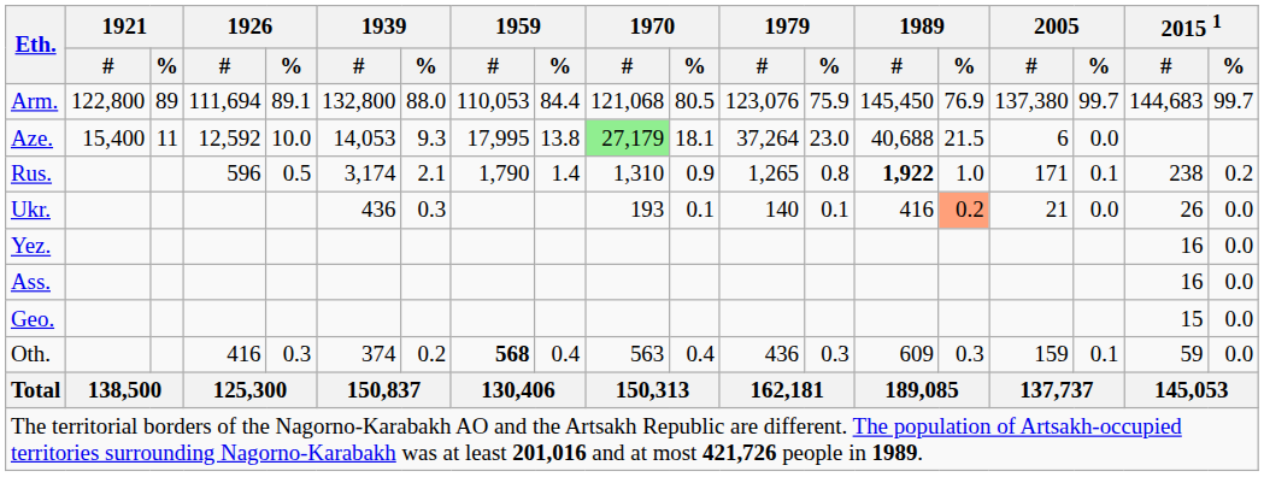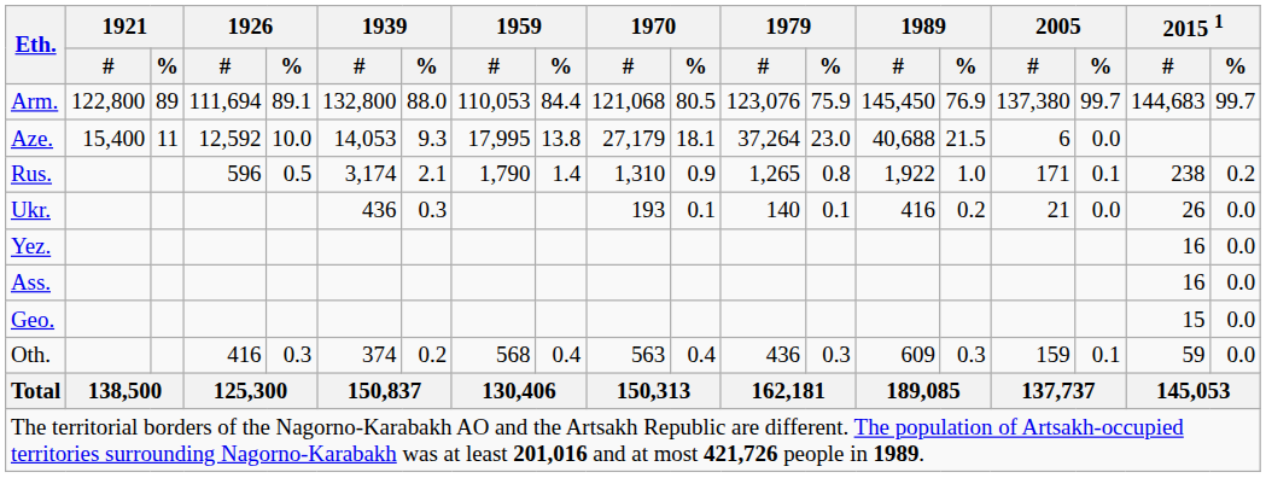 <table class="wikitable">
 <tr>
 <th rowspan="2"><a href='#'>Eth.</a></th>
 <th colspan="2">1921</th>
 <th colspan="2">1926</th>
 <th colspan="2">1939</th>
 <th colspan="2">1959</th>
 <th colspan="2">1970</th>
 <th colspan="2">1979</th>
 <th colspan="2">1989</th>
 <th colspan="2">2005</th>
 <th colspan="2">2015 <sup>1</sup></th>
 </tr>
 <tr bgcolor="#e0e0e0">
 <th>#</th>
 <th>%</th>
 <th>#</th>
 <th>%</th>
 <th>#</th>
 <th>%</th>
 <th>#</th>
 <th>%</th>
 <th>#</th>
 <th>%</th>
 <th>#</th>
 <th>%</th>
 <th>#</th>
 <th>%</th>
 <th>#</th>
 <th>%</th>
 <th>#</th>
 <th>%</th>
 </tr>
 <tr>
 <td><a href='#'>Arm.</a></td>
 <td align="right">122,800</td>
 <td align="right">89</td>
 <td align="right">111,694</td>
 <td align="right">89.1</td>
 <td align="right">132,800</td>
 <td align="right">88.0</td>
 <td align="right">110,053</td>
 <td align="right">84.4</td>
 <td align="right">121,068</td>
 <td align="right">80.5</td>
 <td align="right">123,076</td>
 <td align="right">75.9</td>
 <td align="right">145,450</td>
 <td align="right">76.9</td>
 <td align="right">137,380</td>
 <td align="right">99.7</td>
 <td align="right">144,683</td>
 <td align="right">99.7</td>
 </tr>
 <tr>
 <td><a href='#'>Aze.</a></td>
 <td align="right">15,400</td>
 <td align="right">11</td>
 <td align="right">12,592</td>
 <td align="right">10.0</td>
 <td align="right">14,053</td>
 <td align="right">9.3</td>
 <td align="right">17,995</td>
 <td align="right">13.8</td>
-<td align="right" style="background: lightgreen;">27,179</td>
+<td align="right">27,179</td>
 <td align="right">18.1</td>
 <td align="right">37,264</td>
 <td align="right">23.0</td>
 <td align="right">40,688</td>
 <td align="right">21.5</td>
 <td align="right">6</td>
 <td align="right">0.0</td>
 <td align="right"></td>
 <td align="right"></td>
 </tr>
 <tr>
 <td><a href='#'>Rus.</a></td>
 <td align="right"></td>
 <td align="right"></td>
 <td align="right">596</td>
 <td align="right">0.5</td>
 <td align="right">3,174</td>
 <td align="right">2.1</td>
 <td align="right">1,790</td>
 <td align="right">1.4</td>
 <td align="right">1,310</td>
 <td align="right">0.9</td>
 <td align="right">1,265</td>
 <td align="right">0.8</td>
-<td align="right"><strong>1,922</strong></td>
+<td align="right">1,922</td>
 <td align="right">1.0</td>
 <td align="right">171</td>
 <td align="right">0.1</td>
 <td align="right">238</td>
 <td align="right">0.2</td>
 </tr>
 <tr>
 <td><a href='#'>Ukr.</a></td>
 <td align="right"></td>
 <td align="right"></td>
 <td align="right"></td>
 <td align="right"></td>
 <td align="right">436</td>
 <td align="right">0.3</td>
 <td align="right"></td>
 <td align="right"></td>
 <td align="right">193</td>
 <td align="right">0.1</td>
 <td align="right">140</td>
 <td align="right">0.1</td>
 <td align="right">416</td>
-<td align="right" style="background: lightsalmon;">0.2</td>
+<td align="right">0.2</td>
 <td align="right">21</td>
 <td align="right">0.0</td>
 <td align="right">26</td>
 <td align="right">0.0</td>
 </tr>
 <tr>
 <td><a href='#'>Yez.</a></td>
 <td align="right"></td>
 <td align="right"></td>
 <td align="right"></td>
 <td align="right"></td>
 <td align="right"></td>
 <td align="right"></td>
 <td align="right"></td>
 <td align="right"></td>
 <td align="right"></td>
 <td align="right"></td>
 <td align="right"></td>
 <td align="right"></td>
 <td align="right"></td>
 <td align="right"></td>
 <td align="right"></td>
 <td align="right"></td>
 <td align="right">16</td>
 <td align="right">0.0</td>
 </tr>
 <tr>
 <td><a href='#'>Ass.</a></td>
 <td align="right"></td>
 <td align="right"></td>
 <td align="right"></td>
 <td align="right"></td>
 <td align="right"></td>
 <td align="right"></td>
 <td align="right"></td>
 <td align="right"></td>
 <td align="right"></td>
 <td align="right"></td>
 <td align="right"></td>
 <td align="right"></td>
 <td align="right"></td>
 <td align="right"></td>
 <td align="right"></td>
 <td align="right"></td>
 <td align="right">16</td>
 <td align="right">0.0</td>
 </tr>
 <tr>
 <td><a href='#'>Geo.</a></td>
 <td align="right"></td>
 <td align="right"></td>
 <td align="right"></td>
 <td align="right"></td>
 <td align="right"></td>
 <td align="right"></td>
 <td align="right"></td>
 <td align="right"></td>
 <td align="right"></td>
 <td align="right"></td>
 <td align="right"></td>
 <td align="right"></td>
 <td align="right"></td>
 <td align="right"></td>
 <td align="right"></td>
 <td align="right"></td>
 <td align="right">15</td>
 <td align="right">0.0</td>
 </tr>
 <tr>
 <td>Oth.</td>
 <td align="right"></td>
 <td align="right"></td>
 <td align="right">416</td>
 <td align="right">0.3</td>
 <td align="right">374</td>
 <td align="right">0.2</td>
-<td align="right"><strong>568</strong></td>
+<td align="right">568</td>
 <td align="right">0.4</td>
 <td align="right">563</td>
 <td align="right">0.4</td>
 <td align="right">436</td>
 <td align="right">0.3</td>
 <td align="right">609</td>
 <td align="right">0.3</td>
 <td align="right">159</td>
 <td align="right">0.1</td>
 <td align="right">59</td>
 <td align="right">0.0</td>
 </tr>
 <tr bgcolor="#e0e0e0">
 <th align="left">Total</th>
 <th colspan="2">138,500</th>
 <th colspan="2">125,300</th>
 <th colspan="2">150,837</th>
 <th colspan="2">130,406</th>
 <th colspan="2">150,313</th>
 <th colspan="2">162,181</th>
 <th colspan="2">189,085</th>
 <th colspan="2">137,737</th>
 <th colspan="2">145,053</th>
 </tr>
 <tr>
 <td colspan="19">The territorial borders of the Nagorno-Karabakh AO and the Artsakh Republic are different. <a href='#'>The population of Artsakh-occupied territories surrounding Nagorno-Karabakh</a> was at least <strong>201,016</strong> and at most <strong>421,726</strong> people in <strong>1989</strong>.</td>
 </tr>
 </table>
